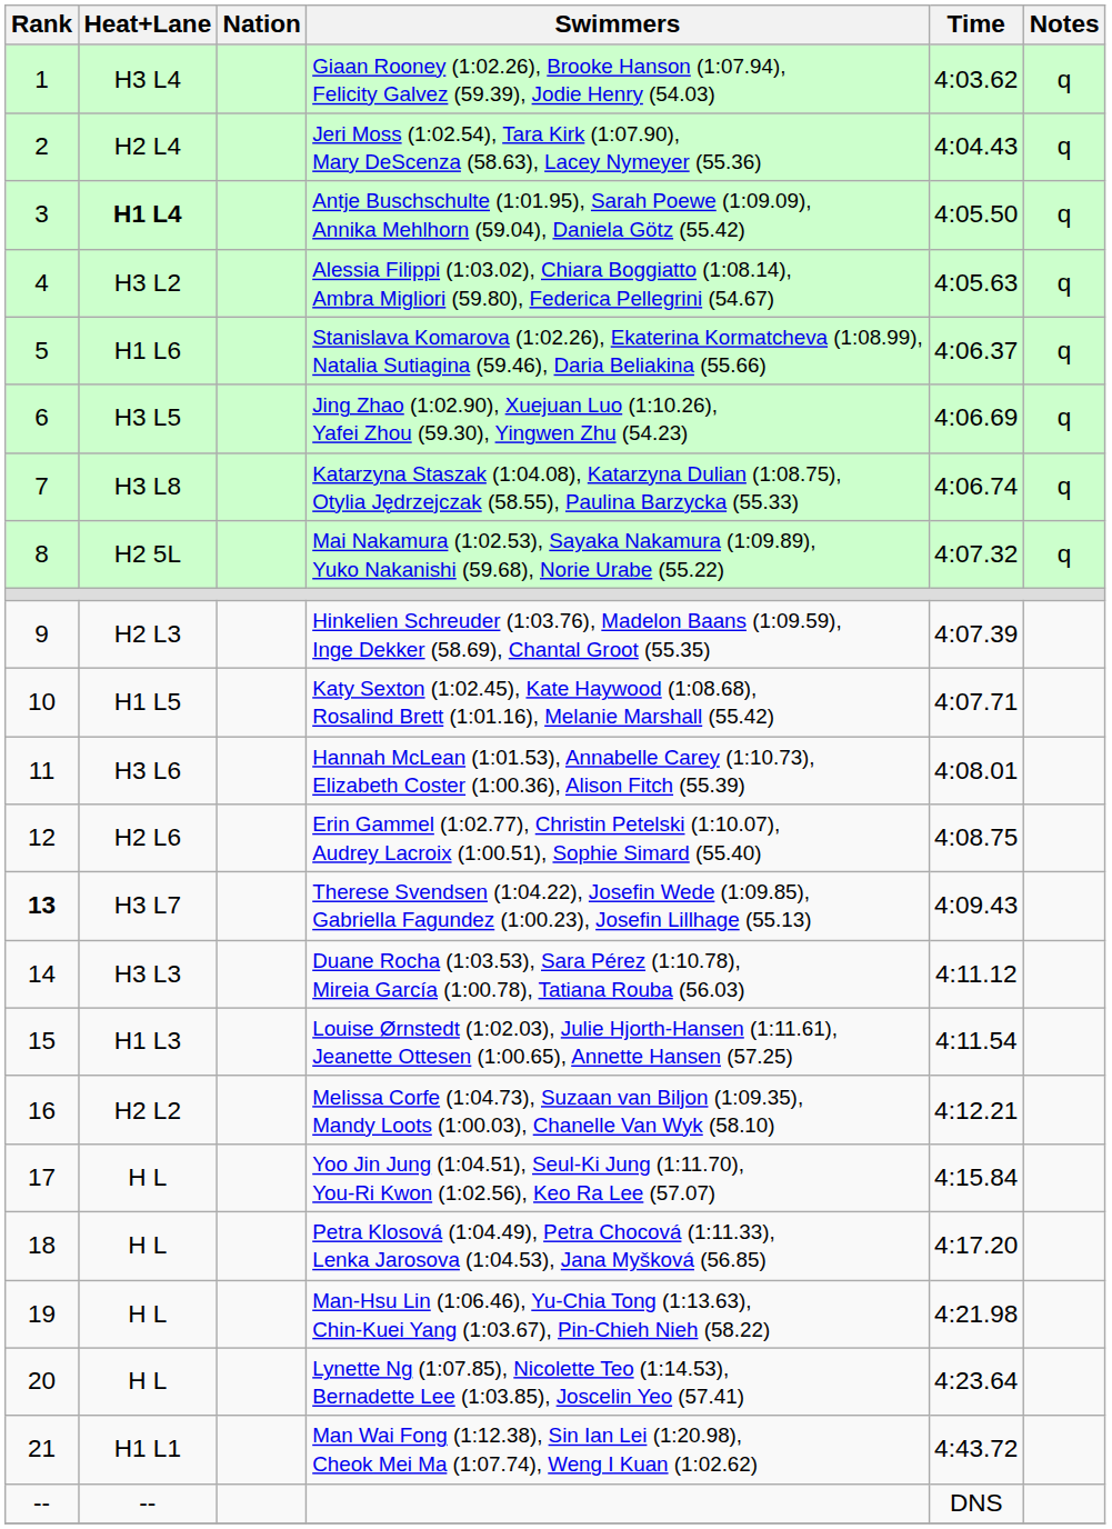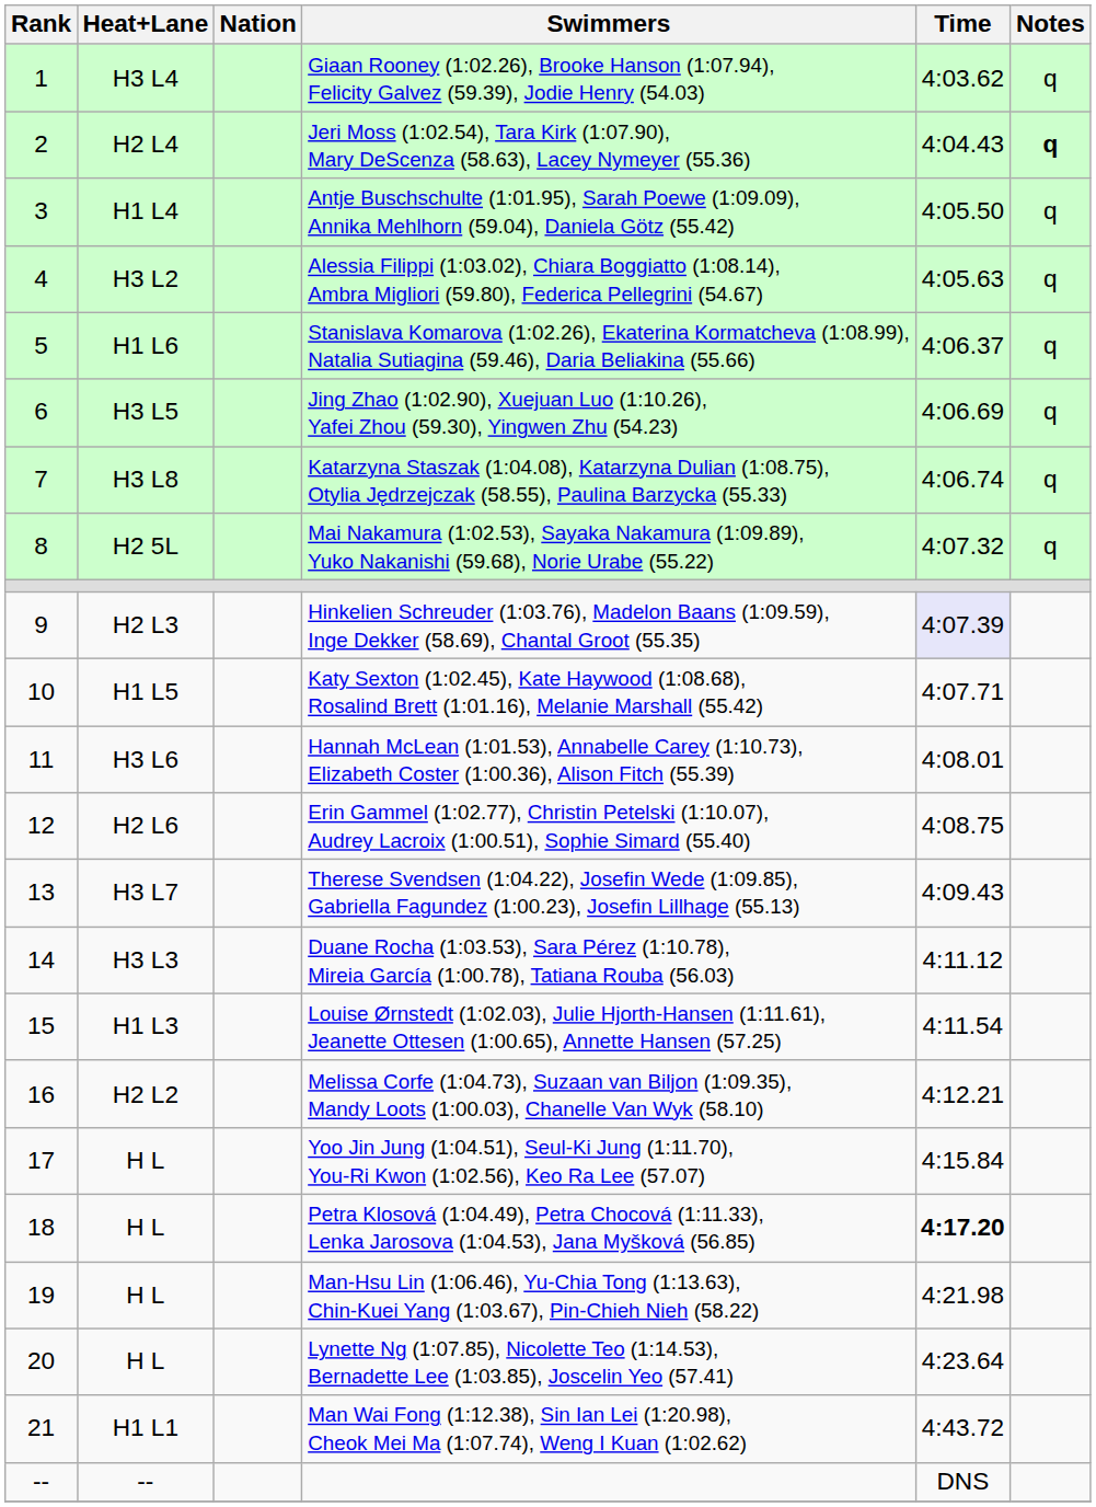 <table class="wikitable sortable" style="text-align:center">
 <tr>
 <th>Rank</th>
 <th>Heat+Lane</th>
 <th>Nation</th>
 <th>Swimmers</th>
 <th>Time</th>
 <th>Notes</th>
 </tr>
 <tr bgcolor=ccffcc>
 <td>1</td>
 <td>H3 L4</td>
 <td align=left></td>
 <td align=left><small> <a href='#'>Giaan Rooney</a> (1:02.26), <a href='#'>Brooke Hanson</a> (1:07.94),<br> <a href='#'>Felicity Galvez</a> (59.39), <a href='#'>Jodie Henry</a> (54.03) </small></td>
 <td>4:03.62</td>
 <td>q</td>
 </tr>
 <tr bgcolor=ccffcc>
 <td>2</td>
 <td>H2 L4</td>
 <td align=left></td>
 <td align=left><small> <a href='#'>Jeri Moss</a> (1:02.54), <a href='#'>Tara Kirk</a> (1:07.90),<br> <a href='#'>Mary DeScenza</a> (58.63), <a href='#'>Lacey Nymeyer</a> (55.36) </small></td>
 <td>4:04.43</td>
-<td>q</td>
+<td><strong>q</strong></td>
 </tr>
 <tr bgcolor=ccffcc>
 <td>3</td>
-<td><strong>H1 L4</strong></td>
+<td>H1 L4</td>
 <td align=left></td>
 <td align=left><small> <a href='#'>Antje Buschschulte</a> (1:01.95), <a href='#'>Sarah Poewe</a> (1:09.09),<br> <a href='#'>Annika Mehlhorn</a> (59.04), <a href='#'>Daniela Götz</a> (55.42) </small></td>
 <td>4:05.50</td>
 <td>q</td>
 </tr>
 <tr bgcolor=ccffcc>
 <td>4</td>
 <td>H3 L2</td>
 <td align=left></td>
 <td align=left><small> <a href='#'>Alessia Filippi</a> (1:03.02), <a href='#'>Chiara Boggiatto</a> (1:08.14),<br> <a href='#'>Ambra Migliori</a> (59.80), <a href='#'>Federica Pellegrini</a> (54.67) </small></td>
 <td>4:05.63</td>
 <td>q</td>
 </tr>
 <tr bgcolor=ccffcc>
 <td>5</td>
 <td>H1 L6</td>
 <td align=left></td>
 <td align=left><small> <a href='#'>Stanislava Komarova</a> (1:02.26), <a href='#'>Ekaterina Kormatcheva</a> (1:08.99),<br> <a href='#'>Natalia Sutiagina</a> (59.46), <a href='#'>Daria Beliakina</a> (55.66) </small></td>
 <td>4:06.37</td>
 <td>q</td>
 </tr>
 <tr bgcolor=ccffcc>
 <td>6</td>
 <td>H3 L5</td>
 <td align=left></td>
 <td align=left><small> <a href='#'>Jing Zhao</a> (1:02.90), <a href='#'>Xuejuan Luo</a> (1:10.26),<br> <a href='#'>Yafei Zhou</a> (59.30), <a href='#'>Yingwen Zhu</a> (54.23) </small></td>
 <td>4:06.69</td>
 <td>q</td>
 </tr>
 <tr bgcolor=ccffcc>
 <td>7</td>
 <td>H3 L8</td>
 <td align=left></td>
 <td align=left><small> <a href='#'>Katarzyna Staszak</a> (1:04.08), <a href='#'>Katarzyna Dulian</a> (1:08.75),<br> <a href='#'>Otylia Jędrzejczak</a> (58.55), <a href='#'>Paulina Barzycka</a> (55.33) </small></td>
 <td>4:06.74</td>
 <td>q</td>
 </tr>
 <tr bgcolor=ccffcc>
 <td>8</td>
 <td>H2 5L</td>
 <td align=left></td>
 <td align=left><small> <a href='#'>Mai Nakamura</a> (1:02.53), <a href='#'>Sayaka Nakamura</a> (1:09.89),<br> <a href='#'>Yuko Nakanishi</a> (59.68), <a href='#'>Norie Urabe</a> (55.22) </small></td>
 <td>4:07.32</td>
 <td>q</td>
 </tr>
 <tr bgcolor=#DDDDDD>
 <td colspan=6></td>
 </tr>
 <tr>
 <td>9</td>
 <td>H2 L3</td>
 <td align=left></td>
 <td align=left><small> <a href='#'>Hinkelien Schreuder</a> (1:03.76), <a href='#'>Madelon Baans</a> (1:09.59),<br> <a href='#'>Inge Dekker</a> (58.69), <a href='#'>Chantal Groot</a> (55.35) </small></td>
-<td>4:07.39</td>
+<td style="background: lavender;">4:07.39</td>
 <td></td>
 </tr>
 <tr>
 <td>10</td>
 <td>H1 L5</td>
 <td align=left></td>
 <td align=left><small> <a href='#'>Katy Sexton</a> (1:02.45), <a href='#'>Kate Haywood</a> (1:08.68),<br> <a href='#'>Rosalind Brett</a> (1:01.16), <a href='#'>Melanie Marshall</a> (55.42) </small></td>
 <td>4:07.71</td>
 <td></td>
 </tr>
 <tr>
 <td>11</td>
 <td>H3 L6</td>
 <td align=left></td>
 <td align=left><small> <a href='#'>Hannah McLean</a> (1:01.53), <a href='#'>Annabelle Carey</a> (1:10.73),<br> <a href='#'>Elizabeth Coster</a> (1:00.36), <a href='#'>Alison Fitch</a> (55.39) </small></td>
 <td>4:08.01</td>
 <td></td>
 </tr>
 <tr>
 <td>12</td>
 <td>H2 L6</td>
 <td align=left></td>
 <td align=left><small> <a href='#'>Erin Gammel</a> (1:02.77), <a href='#'>Christin Petelski</a> (1:10.07),<br> <a href='#'>Audrey Lacroix</a> (1:00.51), <a href='#'>Sophie Simard</a> (55.40) </small></td>
 <td>4:08.75</td>
 <td></td>
 </tr>
 <tr>
-<td><strong>13</strong></td>
+<td>13</td>
 <td>H3 L7</td>
 <td align=left></td>
 <td align=left><small> <a href='#'>Therese Svendsen</a> (1:04.22), <a href='#'>Josefin Wede</a> (1:09.85),<br> <a href='#'>Gabriella Fagundez</a> (1:00.23), <a href='#'>Josefin Lillhage</a> (55.13) </small></td>
 <td>4:09.43</td>
 <td></td>
 </tr>
 <tr>
 <td>14</td>
 <td>H3 L3</td>
 <td align=left></td>
 <td align=left><small> <a href='#'>Duane Rocha</a> (1:03.53), <a href='#'>Sara Pérez</a> (1:10.78),<br> <a href='#'>Mireia García</a> (1:00.78), <a href='#'>Tatiana Rouba</a> (56.03) </small></td>
 <td>4:11.12</td>
 <td></td>
 </tr>
 <tr>
 <td>15</td>
 <td>H1 L3</td>
 <td align=left></td>
 <td align=left><small> <a href='#'>Louise Ørnstedt</a> (1:02.03), <a href='#'>Julie Hjorth-Hansen</a> (1:11.61),<br> <a href='#'>Jeanette Ottesen</a> (1:00.65), <a href='#'>Annette Hansen</a> (57.25) </small></td>
 <td>4:11.54</td>
 <td></td>
 </tr>
 <tr>
 <td>16</td>
 <td>H2 L2</td>
 <td align=left></td>
 <td align=left><small> <a href='#'>Melissa Corfe</a> (1:04.73), <a href='#'>Suzaan van Biljon</a> (1:09.35),<br> <a href='#'>Mandy Loots</a> (1:00.03), <a href='#'>Chanelle Van Wyk</a> (58.10) </small></td>
 <td>4:12.21</td>
 <td></td>
 </tr>
 <tr>
 <td>17</td>
 <td>H L</td>
 <td align=left></td>
 <td align=left><small> <a href='#'>Yoo Jin Jung</a> (1:04.51), <a href='#'>Seul-Ki Jung</a> (1:11.70),<br> <a href='#'>You-Ri Kwon</a> (1:02.56), <a href='#'>Keo Ra Lee</a> (57.07) </small></td>
 <td>4:15.84</td>
 <td></td>
 </tr>
 <tr>
 <td>18</td>
 <td>H L</td>
 <td align=left></td>
 <td align=left><small> <a href='#'>Petra Klosová</a> (1:04.49), <a href='#'>Petra Chocová</a> (1:11.33),<br> <a href='#'>Lenka Jarosova</a> (1:04.53), <a href='#'>Jana Myšková</a> (56.85) </small></td>
-<td>4:17.20</td>
+<td><strong>4:17.20</strong></td>
 <td></td>
 </tr>
 <tr>
 <td>19</td>
 <td>H L</td>
 <td align=left></td>
 <td align=left><small> <a href='#'>Man-Hsu Lin</a> (1:06.46), <a href='#'>Yu-Chia Tong</a> (1:13.63),<br> <a href='#'>Chin-Kuei Yang</a> (1:03.67), <a href='#'>Pin-Chieh Nieh</a> (58.22) </small></td>
 <td>4:21.98</td>
 <td></td>
 </tr>
 <tr>
 <td>20</td>
 <td>H L</td>
 <td align=left></td>
 <td align=left><small> <a href='#'>Lynette Ng</a> (1:07.85), <a href='#'>Nicolette Teo</a> (1:14.53),<br> <a href='#'>Bernadette Lee</a> (1:03.85), <a href='#'>Joscelin Yeo</a> (57.41) </small></td>
 <td>4:23.64</td>
 <td></td>
 </tr>
 <tr>
 <td>21</td>
 <td>H1 L1</td>
 <td align=left></td>
 <td align=left><small> <a href='#'>Man Wai Fong</a> (1:12.38), <a href='#'>Sin Ian Lei</a> (1:20.98),<br> <a href='#'>Cheok Mei Ma</a> (1:07.74), <a href='#'>Weng I Kuan</a> (1:02.62) </small></td>
 <td>4:43.72</td>
 <td></td>
 </tr>
 <tr>
 <td>--</td>
 <td>--</td>
 <td align=left></td>
 <td align=left></td>
 <td>DNS</td>
 <td></td>
 </tr>
 <tr>
 </tr>
 </table>
